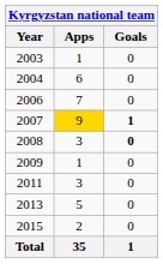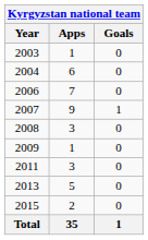 <table class="wikitable" style="text-align:center">
 <tr>
 <th colspan=3><a href='#'>Kyrgyzstan national team</a></th>
 </tr>
 <tr>
 <th>Year</th>
 <th>Apps</th>
 <th>Goals</th>
 </tr>
 <tr>
 <td>2003</td>
 <td>1</td>
 <td>0</td>
 </tr>
 <tr>
 <td>2004</td>
 <td>6</td>
 <td>0</td>
 </tr>
 <tr>
 <td>2006</td>
 <td>7</td>
 <td>0</td>
 </tr>
 <tr>
 <td>2007</td>
-<td style="background: gold;">9</td>
-<td><strong>1</strong></td>
+<td>9</td>
+<td>1</td>
 </tr>
 <tr>
 <td>2008</td>
 <td>3</td>
-<td><strong>0</strong></td>
+<td>0</td>
 </tr>
 <tr>
 <td>2009</td>
 <td>1</td>
 <td>0</td>
 </tr>
 <tr>
 <td>2011</td>
 <td>3</td>
 <td>0</td>
 </tr>
 <tr>
 <td>2013</td>
 <td>5</td>
 <td>0</td>
 </tr>
 <tr>
 <td>2015</td>
 <td>2</td>
 <td>0</td>
 </tr>
 <tr>
 <th>Total</th>
 <th>35</th>
 <th>1</th>
 </tr>
 </table>
